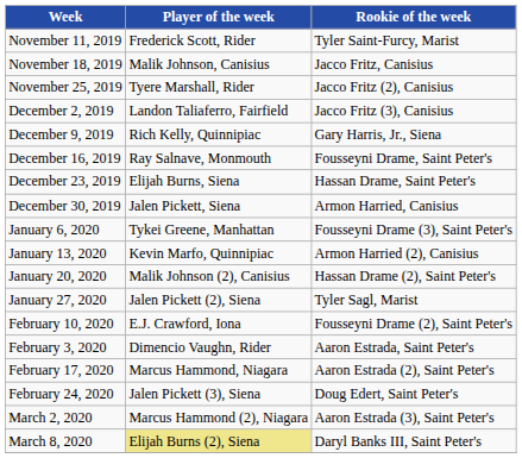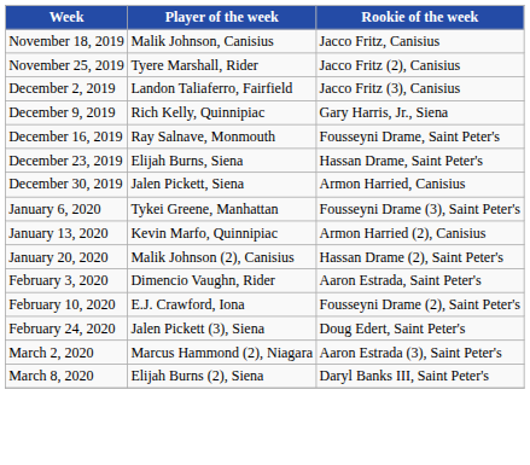 <table class="wikitable" border="1" style="font-size:95%;">
 <tr>
 <th align="center" style="background:#244BA6; color:#FFFFFF;">Week</th>
 <th align="center" style="background:#244BA6; color:#FFFFFF;">Player of the week</th>
 <th align="center" style="background:#244BA6; color:#FFFFFF;">Rookie of the week</th>
-</tr>
-<tr>
-<td>November 11, 2019</td>
-<td>Frederick Scott, Rider</td>
-<td>Tyler Saint-Furcy, Marist</td>
 </tr>
 <tr>
 <td>November 18, 2019</td>
 <td>Malik Johnson, Canisius</td>
 <td>Jacco Fritz, Canisius</td>
 </tr>
 <tr>
 <td>November 25, 2019</td>
 <td>Tyere Marshall, Rider</td>
 <td>Jacco Fritz (2), Canisius</td>
 </tr>
 <tr>
 <td>December 2, 2019</td>
 <td>Landon Taliaferro, Fairfield</td>
 <td>Jacco Fritz (3), Canisius</td>
 </tr>
 <tr>
 <td>December 9, 2019</td>
 <td>Rich Kelly, Quinnipiac</td>
 <td>Gary Harris, Jr., Siena</td>
 </tr>
 <tr>
 <td>December 16, 2019</td>
 <td>Ray Salnave, Monmouth</td>
 <td>Fousseyni Drame, Saint Peter's</td>
 </tr>
 <tr>
 <td>December 23, 2019</td>
 <td>Elijah Burns, Siena</td>
 <td>Hassan Drame, Saint Peter's</td>
 </tr>
 <tr>
 <td>December 30, 2019</td>
 <td>Jalen Pickett, Siena</td>
 <td>Armon Harried, Canisius</td>
 </tr>
 <tr>
 <td>January 6, 2020</td>
 <td>Tykei Greene, Manhattan</td>
 <td>Fousseyni Drame (3), Saint Peter's</td>
 </tr>
 <tr>
 <td>January 13, 2020</td>
 <td>Kevin Marfo, Quinnipiac</td>
 <td>Armon Harried (2), Canisius</td>
 </tr>
 <tr>
 <td>January 20, 2020</td>
 <td>Malik Johnson (2), Canisius</td>
 <td>Hassan Drame (2), Saint Peter's</td>
 </tr>
 <tr>
-<td>January 27, 2020</td>
-<td>Jalen Pickett (2), Siena</td>
-<td>Tyler Sagl, Marist</td>
+<td>February 3, 2020</td>
+<td>Dimencio Vaughn, Rider</td>
+<td>Aaron Estrada, Saint Peter's</td>
 </tr>
 <tr>
 <td>February 10, 2020</td>
 <td>E.J. Crawford, Iona</td>
 <td>Fousseyni Drame (2), Saint Peter's</td>
-</tr>
-<tr>
-<td>February 3, 2020</td>
-<td>Dimencio Vaughn, Rider</td>
-<td>Aaron Estrada, Saint Peter's</td>
-</tr>
-<tr>
-<td>February 17, 2020</td>
-<td>Marcus Hammond, Niagara</td>
-<td>Aaron Estrada (2), Saint Peter's</td>
 </tr>
 <tr>
 <td>February 24, 2020</td>
 <td>Jalen Pickett (3), Siena</td>
 <td>Doug Edert, Saint Peter's</td>
 </tr>
 <tr>
 <td>March 2, 2020</td>
 <td>Marcus Hammond (2), Niagara</td>
 <td>Aaron Estrada (3), Saint Peter's</td>
 </tr>
 <tr>
 <td>March 8, 2020</td>
-<td style="background: khaki;">Elijah Burns (2), Siena</td>
+<td>Elijah Burns (2), Siena</td>
 <td>Daryl Banks III, Saint Peter's</td>
 </tr>
 <tr>
 </tr>
 </table>
